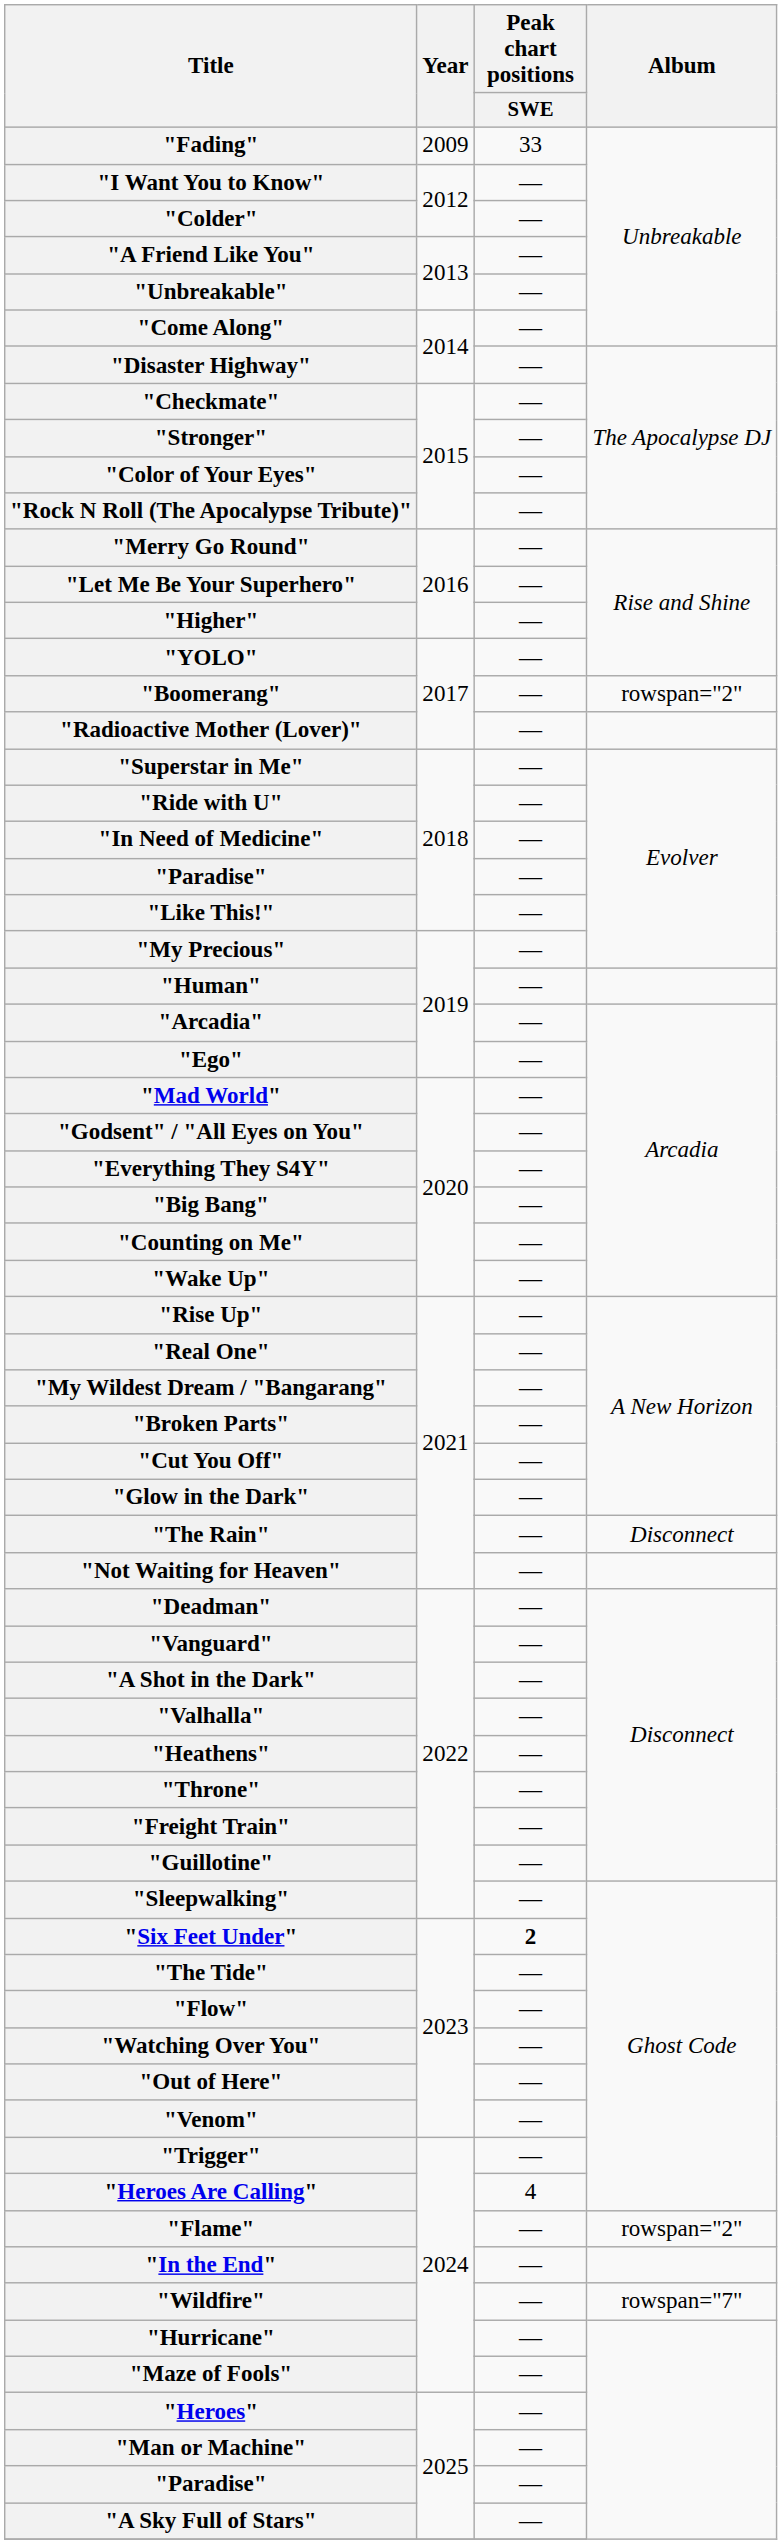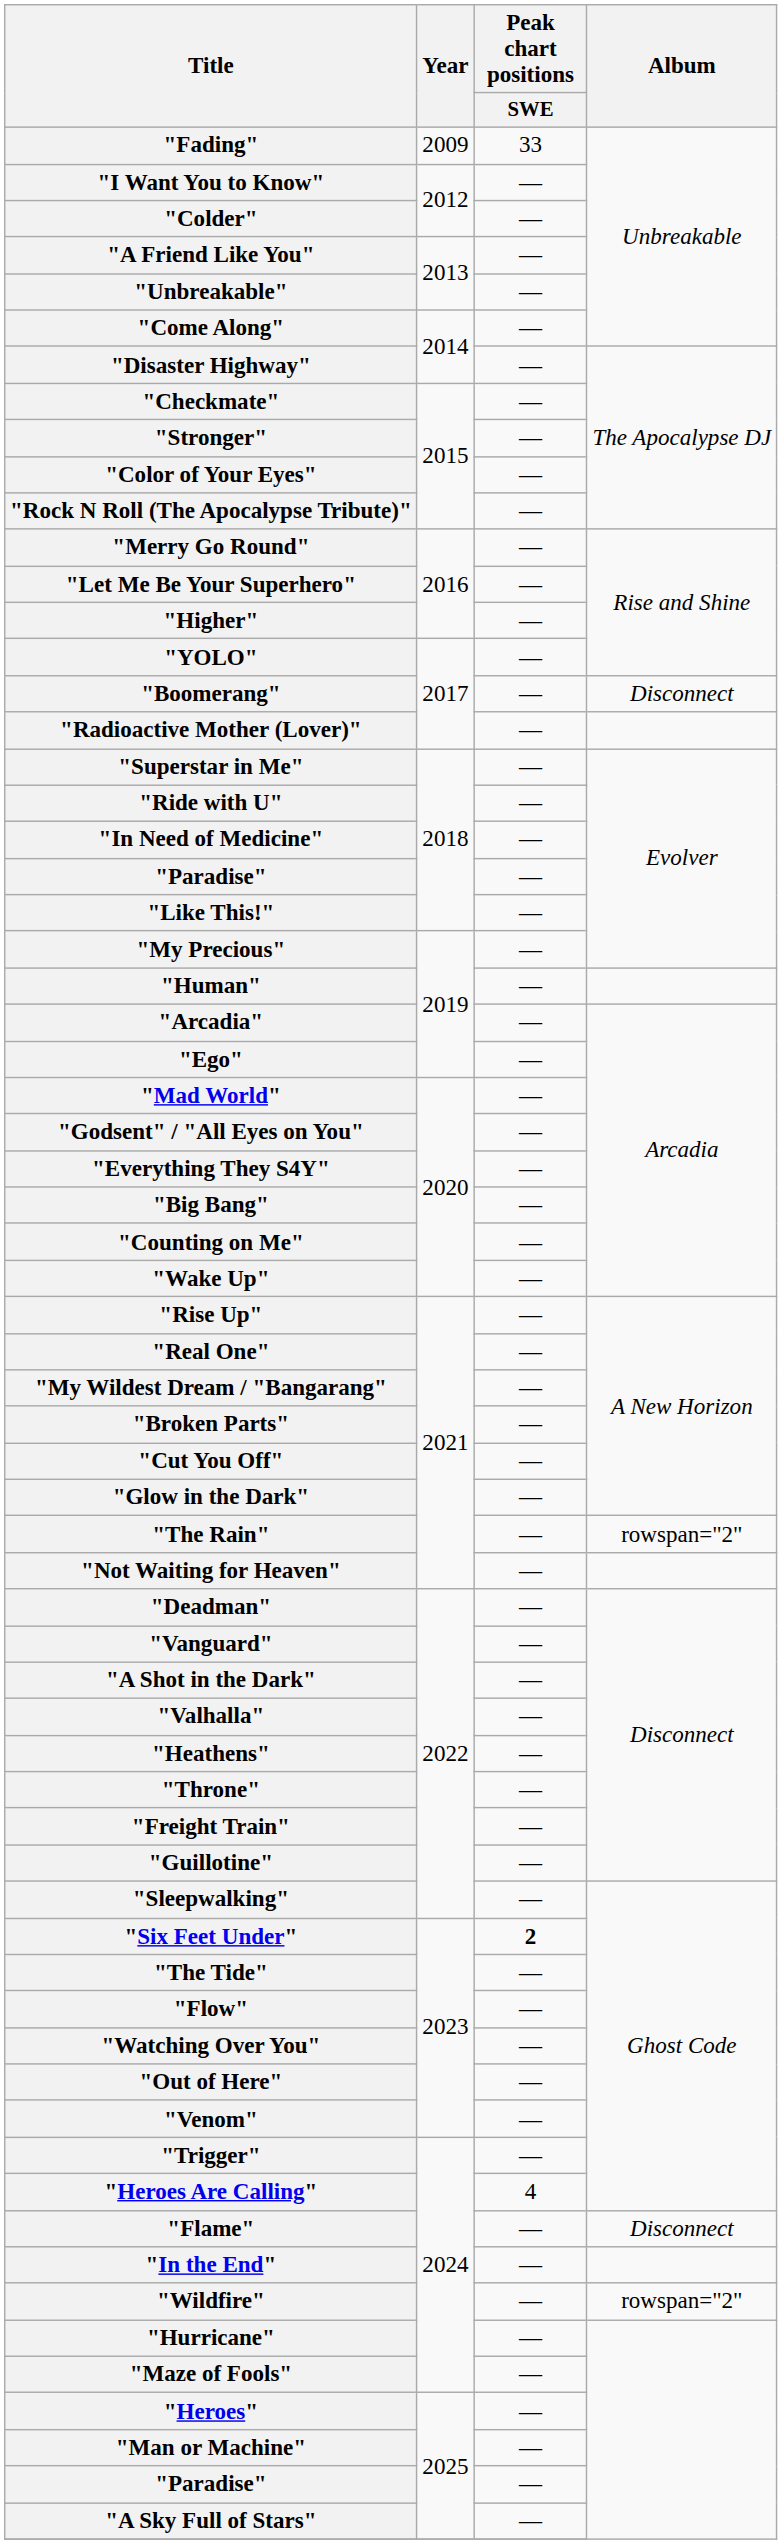 <table class="wikitable plainrowheaders" style="text-align:center;">
 <tr>
 <th rowspan="2" scope="col">Title</th>
 <th rowspan="2" scope="col">Year</th>
 <th scope="col">Peak chart positions</th>
 <th rowspan="2" scope="col">Album</th>
 </tr>
 <tr>
 <th style="width:5em; font-size:90%;">SWE</th>
 </tr>
 <tr>
 <th scope="row">"Fading"</th>
 <td>2009</td>
 <td>33</td>
 <td rowspan="6"><em>Unbreakable</em></td>
 </tr>
 <tr>
 <th scope="row">"I Want You to Know"</th>
 <td rowspan="2">2012</td>
 <td>—</td>
 </tr>
 <tr>
 <th scope="row">"Colder"</th>
 <td>—</td>
 </tr>
 <tr>
 <th scope="row">"A Friend Like You"</th>
 <td rowspan="2">2013</td>
 <td>—</td>
 </tr>
 <tr>
 <th scope="row">"Unbreakable"</th>
 <td>—</td>
 </tr>
 <tr>
 <th scope="row">"Come Along"</th>
 <td rowspan="2">2014</td>
 <td>—</td>
 </tr>
 <tr>
 <th scope="row">"Disaster Highway"</th>
 <td>—</td>
 <td rowspan="5"><em>The Apocalypse DJ</em></td>
 </tr>
 <tr>
 <th scope="row">"Checkmate"</th>
 <td rowspan="4">2015</td>
 <td>—</td>
 </tr>
 <tr>
 <th scope="row">"Stronger"</th>
 <td>—</td>
 </tr>
 <tr>
 <th scope="row">"Color of Your Eyes"</th>
 <td>—</td>
 </tr>
 <tr>
 <th scope="row">"Rock N Roll (The Apocalypse Tribute)"</th>
 <td>—</td>
 </tr>
 <tr>
 <th scope="row">"Merry Go Round"</th>
 <td rowspan="3">2016</td>
 <td>—</td>
 <td rowspan="4"><em>Rise and Shine</em></td>
 </tr>
 <tr>
 <th scope="row">"Let Me Be Your Superhero"</th>
 <td>—</td>
 </tr>
 <tr>
 <th scope="row">"Higher"</th>
 <td>—</td>
 </tr>
 <tr>
 <th scope="row">"YOLO"</th>
 <td rowspan="3">2017</td>
 <td>—</td>
 </tr>
 <tr>
 <th scope="row">"Boomerang" </th>
 <td>—</td>
-<td>rowspan="2" </td>
+<td><em>Disconnect</em></td>
 </tr>
 <tr>
 <th scope="row">"Radioactive Mother (Lover)"</th>
 <td>—</td>
 </tr>
 <tr>
 <th scope="row">"Superstar in Me"</th>
 <td rowspan="5">2018</td>
 <td>—</td>
 <td rowspan="6"><em>Evolver</em></td>
 </tr>
 <tr>
 <th scope="row">"Ride with U"</th>
 <td>—</td>
 </tr>
 <tr>
 <th scope="row">"In Need of Medicine"</th>
 <td>—</td>
 </tr>
 <tr>
 <th scope="row">"Paradise"</th>
 <td>—</td>
 </tr>
 <tr>
 <th scope="row">"Like This!"</th>
 <td>—</td>
 </tr>
 <tr>
 <th scope="row">"My Precious"</th>
 <td rowspan="4">2019</td>
 <td>—</td>
 </tr>
 <tr>
 <th scope="row">"Human"</th>
 <td>—</td>
 <td></td>
 </tr>
 <tr>
 <th scope="row">"Arcadia"</th>
 <td>—</td>
 <td rowspan="8"><em>Arcadia</em></td>
 </tr>
 <tr>
 <th scope="row">"Ego"</th>
 <td>—</td>
 </tr>
 <tr>
 <th scope="row">"<a href='#'>Mad World</a>" </th>
 <td rowspan="6">2020</td>
 <td>—</td>
 </tr>
 <tr>
 <th scope="row">"Godsent" / "All Eyes on You"</th>
 <td>—</td>
 </tr>
 <tr>
 <th scope="row">"Everything They S4Y"</th>
 <td>—</td>
 </tr>
 <tr>
 <th scope="row">"Big Bang"</th>
 <td>—</td>
 </tr>
 <tr>
 <th scope="row">"Counting on Me"</th>
 <td>—</td>
 </tr>
 <tr>
 <th scope="row">"Wake Up"</th>
 <td>—</td>
 </tr>
 <tr>
 <th scope="row">"Rise Up"</th>
 <td rowspan="8">2021</td>
 <td>—</td>
 <td rowspan="6"><em>A New Horizon</em></td>
 </tr>
 <tr>
 <th scope="row">"Real One"</th>
 <td>—</td>
 </tr>
 <tr>
 <th scope="row">"My Wildest Dream / "Bangarang"</th>
 <td>—</td>
 </tr>
 <tr>
 <th scope="row">"Broken Parts"</th>
 <td>—</td>
 </tr>
 <tr>
 <th scope="row">"Cut You Off"</th>
 <td>—</td>
 </tr>
 <tr>
 <th scope="row">"Glow in the Dark"</th>
 <td>—</td>
 </tr>
 <tr>
 <th scope="row">"The Rain"</th>
 <td>—</td>
-<td><em>Disconnect</em></td>
+<td>rowspan="2" </td>
 </tr>
 <tr>
 <th scope="row">"Not Waiting for Heaven"</th>
 <td>—</td>
 <td></td>
 </tr>
 <tr>
 <th scope="row">"Deadman"</th>
 <td rowspan="9">2022</td>
 <td>—</td>
 <td rowspan="8"><em>Disconnect</em></td>
 </tr>
 <tr>
 <th scope="row">"Vanguard"</th>
 <td>—</td>
 </tr>
 <tr>
 <th scope="row">"A Shot in the Dark"</th>
 <td>—</td>
 </tr>
 <tr>
 <th scope="row">"Valhalla"</th>
 <td>—</td>
 </tr>
 <tr>
 <th scope="row">"Heathens"</th>
 <td>—</td>
 </tr>
 <tr>
 <th scope="row">"Throne"</th>
 <td>—</td>
 </tr>
 <tr>
 <th scope="row">"Freight Train"</th>
 <td>—</td>
 </tr>
 <tr>
 <th scope="row">"Guillotine"</th>
 <td>—</td>
 </tr>
 <tr>
 <th scope="row">"Sleepwalking"</th>
 <td>—</td>
 <td rowspan="9"><em>Ghost Code</em></td>
 </tr>
 <tr>
 <th scope="row">"<a href='#'>Six Feet Under</a>"</th>
 <td rowspan="6">2023</td>
 <td><strong>2</strong></td>
 </tr>
 <tr>
 <th scope="row">"The Tide"</th>
 <td>—</td>
 </tr>
 <tr>
 <th scope="row">"Flow"</th>
 <td>—</td>
 </tr>
 <tr>
 <th scope="row">"Watching Over You"</th>
 <td>—</td>
 </tr>
 <tr>
 <th scope="row">"Out of Here"</th>
 <td>—</td>
 </tr>
 <tr>
 <th scope="row">"Venom"</th>
 <td>—</td>
 </tr>
 <tr>
 <th scope="row">"Trigger"</th>
 <td rowspan="7">2024</td>
 <td>—</td>
 </tr>
 <tr>
 <th scope="row">"<a href='#'>Heroes Are Calling</a>"</th>
 <td>4<br></td>
 </tr>
 <tr>
 <th scope="row">"Flame" </th>
 <td>—</td>
-<td>rowspan="2"</td>
+<td><em>Disconnect</em></td>
 </tr>
 <tr>
 <th scope="row">"<a href='#'>In the End</a>"<br></th>
 <td>—</td>
 </tr>
 <tr>
 <th scope="row">"Wildfire"</th>
 <td>—</td>
-<td>rowspan="7" </td>
+<td>rowspan="2"</td>
 </tr>
 <tr>
 <th scope="row">"Hurricane"</th>
 <td>—</td>
 </tr>
 <tr>
 <th scope="row">"Maze of Fools"</th>
 <td>—</td>
 </tr>
 <tr>
 <th scope="row">"<a href='#'>Heroes</a>" </th>
 <td rowspan="4">2025</td>
 <td>—</td>
 </tr>
 <tr>
 <th scope="row">"Man or Machine"</th>
 <td>—</td>
 </tr>
 <tr>
 <th scope="row">"Paradise" </th>
 <td>—</td>
 </tr>
 <tr>
 <th scope="row">"A Sky Full of Stars"</th>
 <td>—</td>
 </tr>
 <tr>
 </tr>
 </table>
